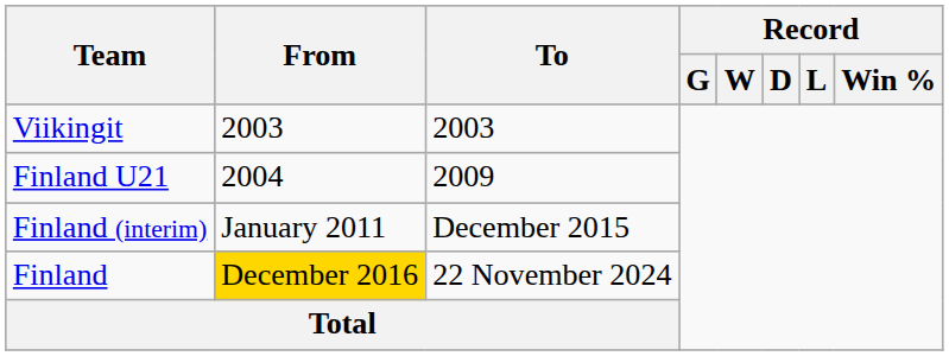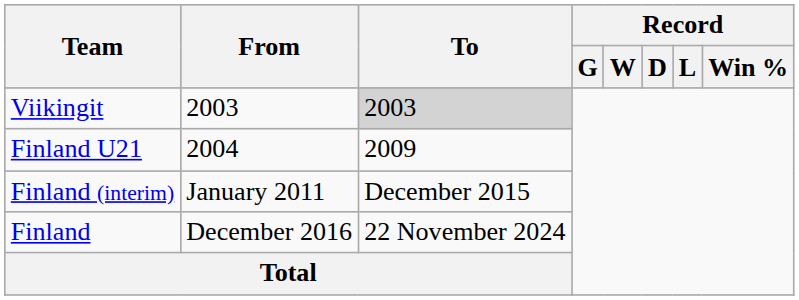 <table class="wikitable" style="text-align: center">
 <tr>
 <th rowspan="2">Team</th>
 <th rowspan="2">From</th>
 <th rowspan="2">To</th>
 <th colspan="5">Record</th>
 </tr>
 <tr>
 <th>G</th>
 <th>W</th>
 <th>D</th>
 <th>L</th>
 <th>Win %</th>
 </tr>
 <tr>
 <td align=left><a href='#'>Viikingit</a></td>
 <td align=left>2003</td>
-<td align=left>2003<br></td>
+<td align=left style="background: lightgrey;">2003<br></td>
 </tr>
 <tr>
 <td align=left><a href='#'>Finland U21</a></td>
 <td align=left>2004</td>
 <td align=left>2009<br></td>
 </tr>
 <tr>
 <td align=left><a href='#'>Finland <small>(interim)</small></a></td>
 <td align=left>January 2011</td>
 <td align=left>December 2015<br></td>
 </tr>
 <tr>
 <td align=left><a href='#'>Finland</a></td>
-<td align=left style="background: gold;">December 2016</td>
+<td align=left>December 2016</td>
 <td align=left>22 November 2024<br></td>
 </tr>
 <tr>
 <th colspan="3">Total<br></th>
 </tr>
 </table>
